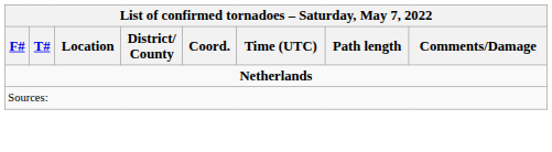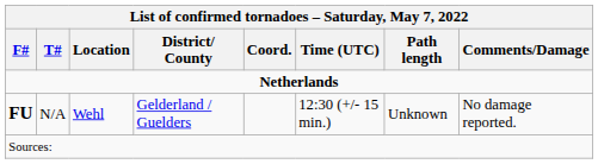 <table class="wikitable collapsible" width="100%">
 <tr>
 <th colspan="8">List of confirmed tornadoes – Saturday, May 7, 2022</th>
 </tr>
 <tr>
 <th><a href='#'>F#</a></th>
 <th><a href='#'>T#</a></th>
 <th>Location</th>
 <th>District/<br>County</th>
 <th>Coord.</th>
 <th>Time (UTC)</th>
 <th>Path length</th>
 <th>Comments/Damage</th>
 </tr>
 <tr>
 <td colspan="8" align=center><strong>Netherlands</strong></td>
 </tr>
 <tr>
+<td><big><strong>FU</strong></big></td>
+<td>N/A</td>
+<td><a href='#'>Wehl</a></td>
+<td><a href='#'>Gelderland / Guelders</a></td>
+<td></td>
+<td>12:30 (+/- 15 min.)</td>
+<td>Unknown</td>
+<td>No damage reported.</td>
+</tr>
+<tr>
 <td colspan="8"><small>Sources:  </small></td>
 </tr>
 </table>
